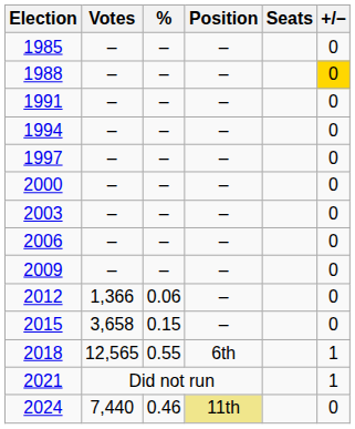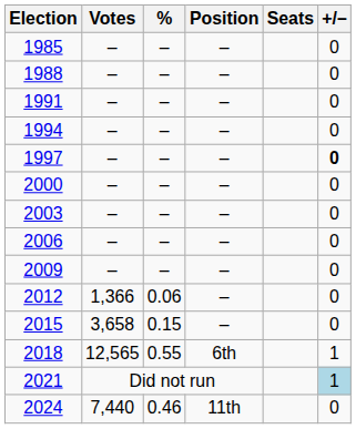 <table class="wikitable" style="text-align:center">
 <tr>
 <th><strong>Election</strong></th>
 <th scope="col"><strong>Votes</strong></th>
 <th scope="col"><strong>%</strong></th>
 <th>Position</th>
 <th scope="col">Seats</th>
 <th>+/–</th>
 </tr>
 <tr>
 <td><a href='#'>1985</a></td>
 <td>–</td>
 <td>–</td>
 <td>–</td>
 <td></td>
 <td> 0</td>
 </tr>
 <tr>
 <td><a href='#'>1988</a></td>
 <td>–</td>
 <td>–</td>
 <td>–</td>
 <td></td>
-<td style="background: gold;"> 0</td>
+<td> 0</td>
 </tr>
 <tr>
 <td><a href='#'>1991</a></td>
 <td>–</td>
 <td>–</td>
 <td>–</td>
 <td></td>
 <td> 0</td>
 </tr>
 <tr>
 <td><a href='#'>1994</a></td>
 <td>–</td>
 <td>–</td>
 <td>–</td>
 <td></td>
 <td> 0</td>
 </tr>
 <tr>
 <td><a href='#'>1997</a></td>
 <td>–</td>
 <td>–</td>
 <td>–</td>
 <td></td>
-<td> 0</td>
+<td><strong> 0</strong></td>
 </tr>
 <tr>
 <td><a href='#'>2000</a></td>
 <td>–</td>
 <td>–</td>
 <td>–</td>
 <td></td>
 <td> 0</td>
 </tr>
 <tr>
 <td><a href='#'>2003</a></td>
 <td>–</td>
 <td>–</td>
 <td>–</td>
 <td></td>
 <td> 0</td>
 </tr>
 <tr>
 <td><a href='#'>2006</a></td>
 <td>–</td>
 <td>–</td>
 <td>–</td>
 <td></td>
 <td> 0</td>
 </tr>
 <tr>
 <td><a href='#'>2009</a></td>
 <td>–</td>
 <td>–</td>
 <td>–</td>
 <td></td>
 <td> 0</td>
 </tr>
 <tr>
 <td><a href='#'>2012</a></td>
 <td>1,366</td>
 <td>0.06</td>
 <td>–</td>
 <td></td>
 <td> 0</td>
 </tr>
 <tr>
 <td><a href='#'>2015</a></td>
 <td>3,658</td>
 <td>0.15</td>
 <td>–</td>
 <td></td>
 <td> 0</td>
 </tr>
 <tr>
 <td><a href='#'>2018</a></td>
 <td>12,565</td>
 <td>0.55</td>
 <td> 6th</td>
 <td></td>
 <td> 1</td>
 </tr>
 <tr>
 <td><a href='#'>2021</a></td>
 <td colspan="3">Did not run</td>
 <td></td>
-<td> 1</td>
+<td style="background: lightblue;"> 1</td>
 </tr>
 <tr>
 <td><a href='#'>2024</a></td>
 <td>7,440</td>
 <td>0.46</td>
-<td style="background: khaki;"> 11th</td>
+<td> 11th</td>
 <td></td>
 <td> 0</td>
 </tr>
 </table>
